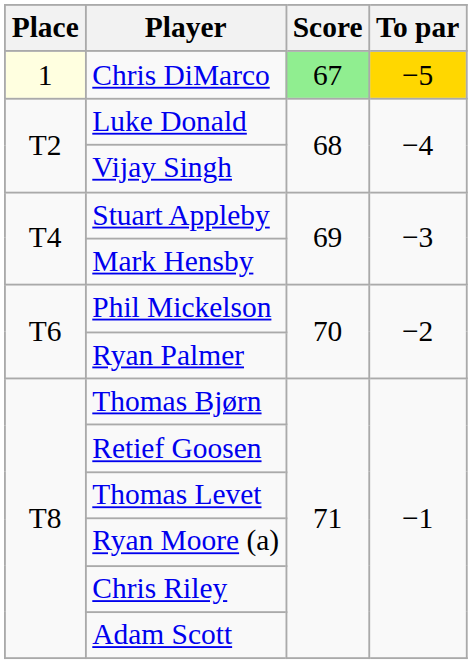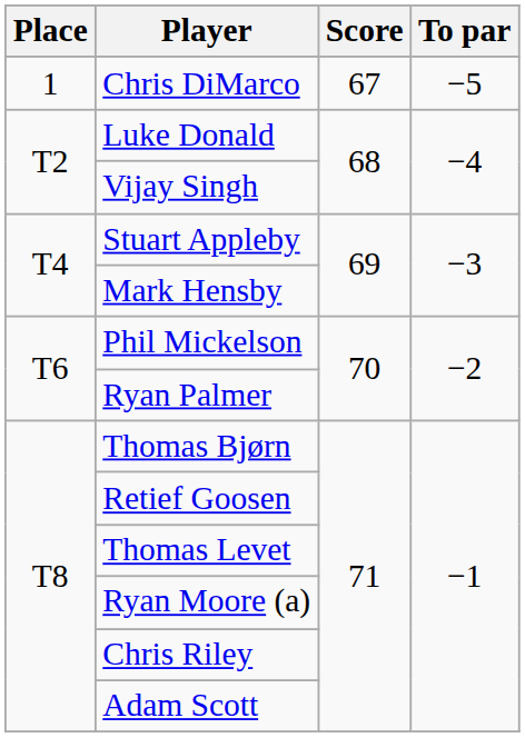 <table class="wikitable">
 <tr>
 <th>Place</th>
 <th>Player</th>
 <th>Score</th>
 <th>To par</th>
 </tr>
 <tr>
-<td align=center style="background: lightyellow;">1</td>
+<td align=center>1</td>
 <td> <a href='#'>Chris DiMarco</a></td>
-<td align=center style="background: lightgreen;">67</td>
-<td align=center style="background: gold;">−5</td>
+<td align=center>67</td>
+<td align=center>−5</td>
 </tr>
 <tr>
 <td align=center rowspan="2">T2</td>
 <td> <a href='#'>Luke Donald</a></td>
 <td rowspan="2" align=center>68</td>
 <td rowspan="2" align=center>−4</td>
 </tr>
 <tr>
 <td> <a href='#'>Vijay Singh</a></td>
 </tr>
 <tr>
 <td align=center rowspan="2">T4</td>
 <td> <a href='#'>Stuart Appleby</a></td>
 <td rowspan="2" align=center>69</td>
 <td rowspan="2" align=center>−3</td>
 </tr>
 <tr>
 <td> <a href='#'>Mark Hensby</a></td>
 </tr>
 <tr>
 <td align=center rowspan="2">T6</td>
 <td> <a href='#'>Phil Mickelson</a></td>
 <td rowspan="2" align=center>70</td>
 <td rowspan="2" align=center>−2</td>
 </tr>
 <tr>
 <td> <a href='#'>Ryan Palmer</a></td>
 </tr>
 <tr>
 <td rowspan="6" align=center>T8</td>
 <td> <a href='#'>Thomas Bjørn</a></td>
 <td rowspan="6" align=center>71</td>
 <td rowspan="6" align=center>−1</td>
 </tr>
 <tr>
 <td> <a href='#'>Retief Goosen</a></td>
 </tr>
 <tr>
 <td> <a href='#'>Thomas Levet</a></td>
 </tr>
 <tr>
 <td> <a href='#'>Ryan Moore</a> (a)</td>
 </tr>
 <tr>
 <td> <a href='#'>Chris Riley</a></td>
 </tr>
 <tr>
 <td> <a href='#'>Adam Scott</a></td>
 </tr>
 </table>
